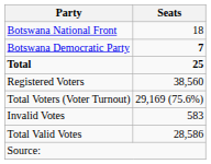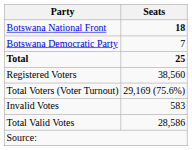 <table class=wikitable style=text-align:right>
 <tr>
 <th>Party</th>
 <th>Seats</th>
 </tr>
 <tr>
 <td align=left><a href='#'>Botswana National Front</a></td>
-<td>18</td>
+<td><strong>18</strong></td>
 </tr>
 <tr>
 <td align=left><a href='#'>Botswana Democratic Party</a></td>
-<td><strong>7</strong></td>
+<td>7</td>
 </tr>
 <tr>
 <td align=left><strong>Total</strong></td>
 <td><strong>25</strong></td>
 </tr>
 <tr>
 <td align=left>Registered Voters</td>
 <td>38,560</td>
 </tr>
 <tr>
 <td align=left>Total Voters (Voter Turnout)</td>
 <td>29,169 (75.6%)</td>
 </tr>
 <tr>
 <td align=left>Invalid Votes</td>
 <td>583</td>
 </tr>
 <tr>
 <td align=left>Total Valid Votes</td>
 <td>28,586</td>
 </tr>
 <tr>
 <td colspan=4 align=left>Source: </td>
 </tr>
 </table>
